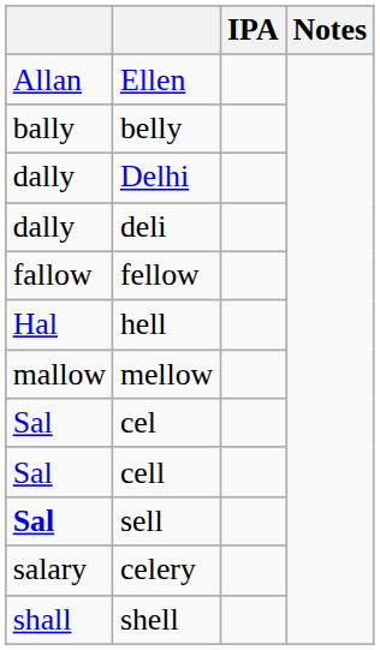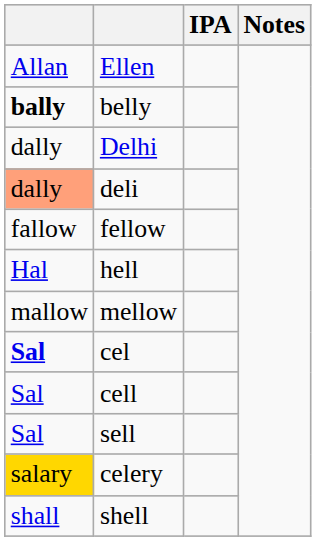 <table class="wikitable sortable mw-collapsible mw-collapsed">
 <tr>
 <th></th>
 <th></th>
 <th>IPA</th>
 <th>Notes</th>
 </tr>
 <tr>
 <td><a href='#'>Allan</a></td>
 <td><a href='#'>Ellen</a></td>
 <td></td>
 </tr>
 <tr>
-<td>bally</td>
+<td><strong>bally</strong></td>
 <td>belly</td>
 <td></td>
 </tr>
 <tr>
 <td>dally</td>
 <td><a href='#'>Delhi</a></td>
 <td></td>
 </tr>
 <tr>
-<td>dally</td>
+<td style="background: lightsalmon;">dally</td>
 <td>deli</td>
 <td></td>
 </tr>
 <tr>
 <td>fallow</td>
 <td>fellow</td>
 <td></td>
 </tr>
 <tr>
 <td><a href='#'>Hal</a></td>
 <td>hell</td>
 <td></td>
 </tr>
 <tr>
 <td>mallow</td>
 <td>mellow</td>
 <td></td>
 </tr>
 <tr>
-<td><a href='#'>Sal</a></td>
+<td><strong><a href='#'>Sal</a></strong></td>
 <td>cel</td>
 <td></td>
 </tr>
 <tr>
 <td><a href='#'>Sal</a></td>
 <td>cell</td>
 <td></td>
 </tr>
 <tr>
-<td><strong><a href='#'>Sal</a></strong></td>
+<td><a href='#'>Sal</a></td>
 <td>sell</td>
 <td></td>
 </tr>
 <tr>
-<td>salary</td>
+<td style="background: gold;">salary</td>
 <td>celery</td>
 <td></td>
 </tr>
 <tr>
 <td><a href='#'>shall</a></td>
 <td>shell</td>
 <td></td>
 </tr>
 </table>
